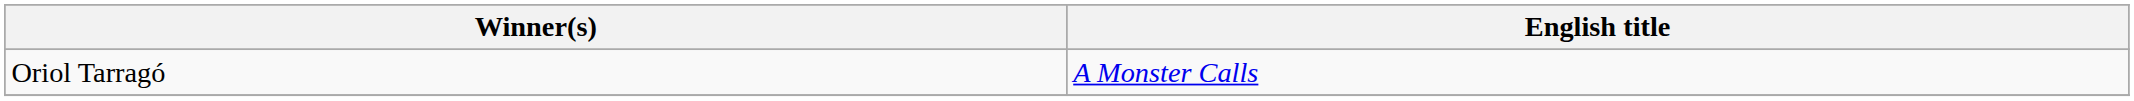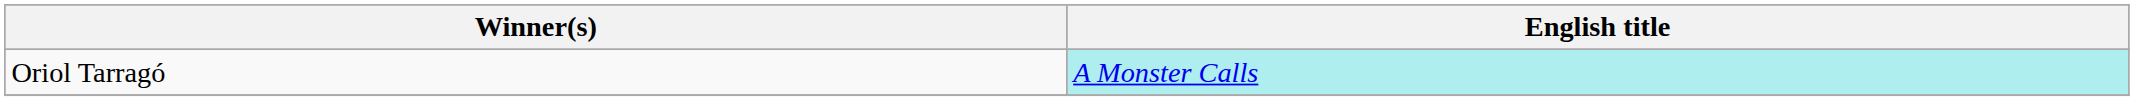 <table class="wikitable" width="95%" cellpadding="5">
 <tr>
 <th width="18%">Winner(s)</th>
 <th width="18%">English title</th>
 </tr>
 <tr>
 <td> Oriol Tarragó</td>
-<td><em><a href='#'>A Monster Calls</a></em></td>
+<td style="background: paleturquoise;"><em><a href='#'>A Monster Calls</a></em></td>
 </tr>
 <tr>
 </tr>
 </table>
